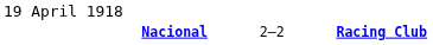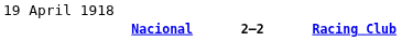 <table width=100% cellspacing=1>
 <tr>
 <th width=20%></th>
 <th width=12%></th>
 <th width=20%></th>
 <th></th>
 </tr>
 <tr>
 <td>19 April 1918</td>
 </tr>
 <tr style=font-size:90%>
 <td align=right><strong> <a href='#'>Nacional</a></strong></td>
-<td align=center>2–2</td>
+<td align=center><strong>2–2</strong></td>
 <td><strong> <a href='#'>Racing Club</a></strong></td>
 <td></td>
 </tr>
 <tr>
 </tr>
 </table>
